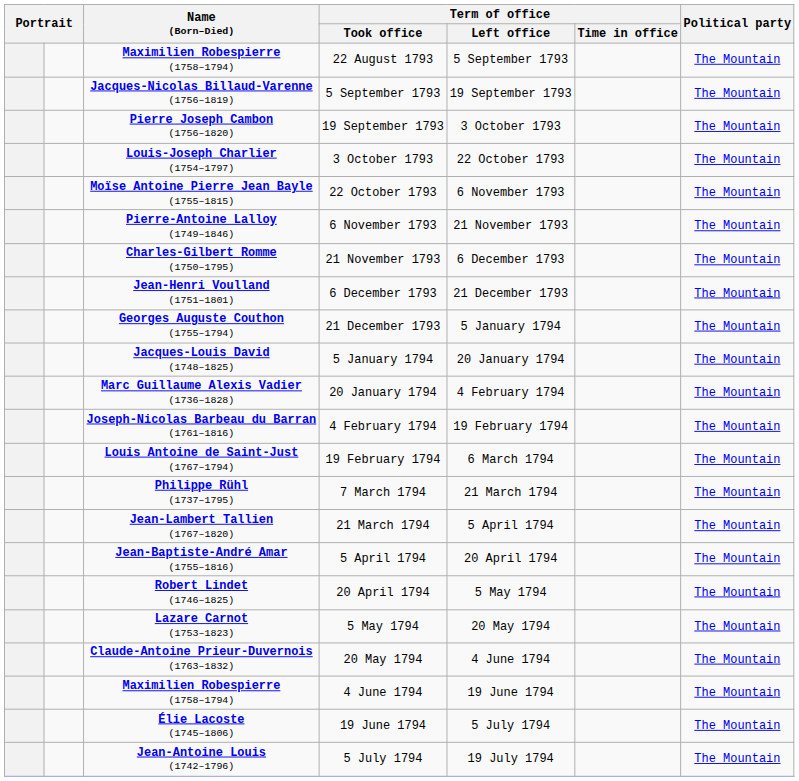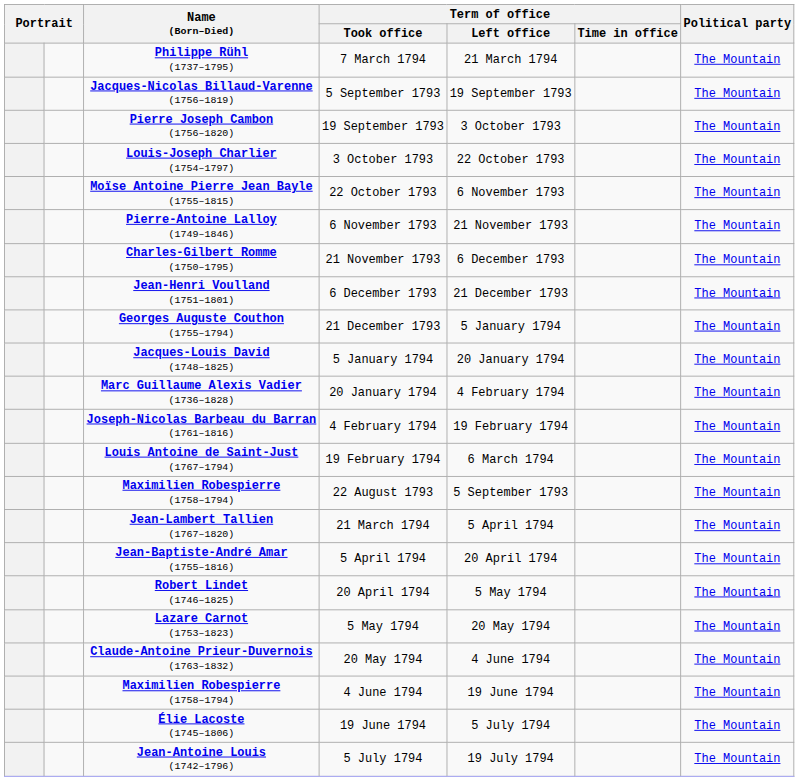 <table class="wikitable" style="text-align:center; border:1px #AAAAFF solid">
 <tr>
 <th width="80px" rowspan="2" colspan="2">Portrait</th>
 <th rowspan="2">Name<br><small>(Born–Died)</small></th>
 <th colspan="3">Term of office</th>
 <th rowspan="2">Political party</th>
 </tr>
 <tr>
 <th>Took office</th>
 <th>Left office</th>
 <th>Time in office</th>
 </tr>
 <tr>
 <th style="background-color:"></th>
 <td></td>
-<td><strong><a href='#'>Maximilien Robespierre</a></strong><br><small>(1758–1794)</small></td>
-<td>22 August 1793</td>
-<td>5 September 1793</td>
+<td><strong><a href='#'>Philippe Rühl</a></strong><br><small>(1737–1795)</small></td>
+<td>7  March 1794</td>
+<td>21 March 1794</td>
 <td></td>
 <td><a href='#'>The Mountain</a></td>
 </tr>
 <tr>
 <th style="background-color:"></th>
 <td></td>
 <td><strong><a href='#'>Jacques-Nicolas Billaud-Varenne</a></strong><br><small>(1756–1819)</small></td>
 <td>5 September 1793</td>
 <td>19 September 1793</td>
 <td></td>
 <td><a href='#'>The Mountain</a></td>
 </tr>
 <tr>
 <th style="background-color:"></th>
 <td></td>
 <td><strong><a href='#'>Pierre Joseph Cambon</a></strong><br><small>(1756–1820)</small></td>
 <td>19 September 1793</td>
 <td>3 October 1793</td>
 <td></td>
 <td><a href='#'>The Mountain</a></td>
 </tr>
 <tr>
 <th style="background-color:"></th>
 <td></td>
 <td><strong><a href='#'>Louis-Joseph Charlier</a></strong><br><small>(1754–1797)</small></td>
 <td>3 October 1793</td>
 <td>22 October 1793</td>
 <td></td>
 <td><a href='#'>The Mountain</a></td>
 </tr>
 <tr>
 <th style="background-color:"></th>
 <td></td>
 <td><strong><a href='#'>Moïse Antoine Pierre Jean Bayle</a></strong><br><small>(1755–1815)</small></td>
 <td>22 October 1793</td>
 <td>6 November 1793</td>
 <td></td>
 <td><a href='#'>The Mountain</a></td>
 </tr>
 <tr>
 <th style="background-color:"></th>
 <td></td>
 <td><strong><a href='#'>Pierre-Antoine Lalloy</a></strong><br><small>(1749–1846)</small></td>
 <td>6 November 1793</td>
 <td>21 November 1793</td>
 <td></td>
 <td><a href='#'>The Mountain</a></td>
 </tr>
 <tr>
 <th style="background-color:"></th>
 <td></td>
 <td><strong><a href='#'>Charles-Gilbert Romme</a></strong><br><small>(1750–1795)</small></td>
 <td>21 November 1793</td>
 <td>6 December 1793</td>
 <td></td>
 <td><a href='#'>The Mountain</a></td>
 </tr>
 <tr>
 <th style="background-color:"></th>
 <td></td>
 <td><strong><a href='#'>Jean-Henri Voulland</a></strong><br><small>(1751–1801)</small></td>
 <td>6 December 1793</td>
 <td>21 December 1793</td>
 <td></td>
 <td><a href='#'>The Mountain</a></td>
 </tr>
 <tr>
 <th style="background-color:"></th>
 <td></td>
 <td><strong><a href='#'>Georges Auguste Couthon</a></strong><br><small>(1755–1794)</small></td>
 <td>21 December 1793</td>
 <td>5 January 1794</td>
 <td></td>
 <td><a href='#'>The Mountain</a></td>
 </tr>
 <tr>
 <th style="background-color:"></th>
 <td></td>
 <td><strong><a href='#'>Jacques-Louis David</a></strong><br><small>(1748–1825)</small></td>
 <td>5 January 1794</td>
 <td>20 January 1794</td>
 <td></td>
 <td><a href='#'>The Mountain</a></td>
 </tr>
 <tr>
 <th style="background-color:"></th>
 <td></td>
 <td><strong><a href='#'>Marc Guillaume Alexis Vadier</a></strong><br><small>(1736–1828)</small></td>
 <td>20 January 1794</td>
 <td>4 February 1794</td>
 <td></td>
 <td><a href='#'>The Mountain</a></td>
 </tr>
 <tr>
 <th style="background-color:"></th>
 <td></td>
 <td><strong><a href='#'>Joseph-Nicolas Barbeau du Barran</a></strong><br><small>(1761–1816)</small></td>
 <td>4 February 1794</td>
 <td>19 February 1794</td>
 <td></td>
 <td><a href='#'>The Mountain</a></td>
 </tr>
 <tr>
 <th style="background-color:"></th>
 <td></td>
 <td><strong><a href='#'>Louis Antoine de Saint-Just</a></strong><br><small>(1767–1794)</small></td>
 <td>19 February 1794</td>
 <td>6 March 1794</td>
 <td></td>
 <td><a href='#'>The Mountain</a></td>
 </tr>
 <tr>
 <th style="background-color:"></th>
 <td></td>
-<td><strong><a href='#'>Philippe Rühl</a></strong><br><small>(1737–1795)</small></td>
-<td>7  March 1794</td>
-<td>21 March 1794</td>
+<td><strong><a href='#'>Maximilien Robespierre</a></strong><br><small>(1758–1794)</small></td>
+<td>22 August 1793</td>
+<td>5 September 1793</td>
 <td></td>
 <td><a href='#'>The Mountain</a></td>
 </tr>
 <tr>
 <th style="background-color:"></th>
 <td></td>
 <td><strong><a href='#'>Jean-Lambert Tallien</a></strong><br><small>(1767–1820)</small></td>
 <td>21 March 1794</td>
 <td>5 April 1794</td>
 <td></td>
 <td><a href='#'>The Mountain</a></td>
 </tr>
 <tr>
 <th style="background-color:"></th>
 <td></td>
 <td><strong><a href='#'>Jean-Baptiste-André Amar</a></strong><br><small>(1755–1816)</small></td>
 <td>5 April 1794</td>
 <td>20 April 1794</td>
 <td></td>
 <td><a href='#'>The Mountain</a></td>
 </tr>
 <tr>
 <th style="background-color:"></th>
 <td></td>
 <td><strong><a href='#'>Robert Lindet</a></strong><br><small>(1746–1825)</small></td>
 <td>20 April 1794</td>
 <td>5 May 1794</td>
 <td></td>
 <td><a href='#'>The Mountain</a></td>
 </tr>
 <tr>
 <th style="background-color:"></th>
 <td></td>
 <td><strong><a href='#'>Lazare Carnot</a></strong><br><small>(1753–1823)</small></td>
 <td>5 May 1794</td>
 <td>20 May 1794</td>
 <td></td>
 <td><a href='#'>The Mountain</a></td>
 </tr>
 <tr>
 <th style="background-color:"></th>
 <td></td>
 <td><strong><a href='#'>Claude-Antoine Prieur-Duvernois</a></strong><br><small>(1763–1832)</small></td>
 <td>20 May 1794</td>
 <td>4 June 1794</td>
 <td></td>
 <td><a href='#'>The Mountain</a></td>
 </tr>
 <tr>
 <th style="background-color:"></th>
 <td></td>
 <td><strong><a href='#'>Maximilien Robespierre</a></strong><br><small>(1758–1794)</small></td>
 <td>4 June 1794</td>
 <td>19 June 1794</td>
 <td></td>
 <td><a href='#'>The Mountain</a></td>
 </tr>
 <tr>
 <th style="background-color:"></th>
 <td></td>
 <td><strong><a href='#'>Élie Lacoste</a></strong><br><small>(1745–1806)</small></td>
 <td>19 June 1794</td>
 <td>5 July 1794</td>
 <td></td>
 <td><a href='#'>The Mountain</a></td>
 </tr>
 <tr>
 <th style="background-color:"></th>
 <td></td>
 <td><strong><a href='#'>Jean-Antoine Louis</a></strong><br><small>(1742–1796)</small></td>
 <td>5 July 1794</td>
 <td>19 July 1794</td>
 <td></td>
 <td><a href='#'>The Mountain</a></td>
 </tr>
 <tr>
 </tr>
 </table>
